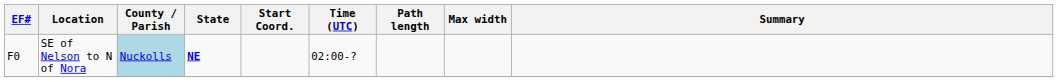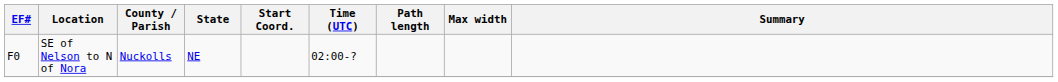 <table class="wikitable sortable" style="width:100%;">
 <tr>
 <th scope="col"  style="width:3%; text-align:center;"><a href='#'>EF#</a></th>
 <th scope="col"  style="width:7%; text-align:center;" class="unsortable">Location</th>
 <th scope="col"  style="width:6%; text-align:center;" class="unsortable">County / Parish</th>
 <th scope="col"  style="width:5%; text-align:center;">State</th>
 <th scope="col"  style="width:6%; text-align:center;">Start Coord.</th>
 <th scope="col"  style="width:6%; text-align:center;">Time (<a href='#'>UTC</a>)</th>
 <th scope="col"  style="width:6%; text-align:center;">Path length</th>
 <th scope="col"  style="width:6%; text-align:center;">Max width</th>
 <th scope="col" class="unsortable" style="width:48%; text-align:center;">Summary</th>
 </tr>
 <tr>
 <td bgcolor=>F0</td>
 <td>SE of <a href='#'>Nelson</a> to N of <a href='#'>Nora</a></td>
-<td style="background: lightblue;"><a href='#'>Nuckolls</a></td>
-<td><strong><a href='#'>NE</a></strong></td>
+<td><a href='#'>Nuckolls</a></td>
+<td><a href='#'>NE</a></td>
 <td></td>
 <td>02:00-?</td>
 <td></td>
 <td></td>
 <td></td>
 </tr>
 <tr>
 </tr>
 </table>
